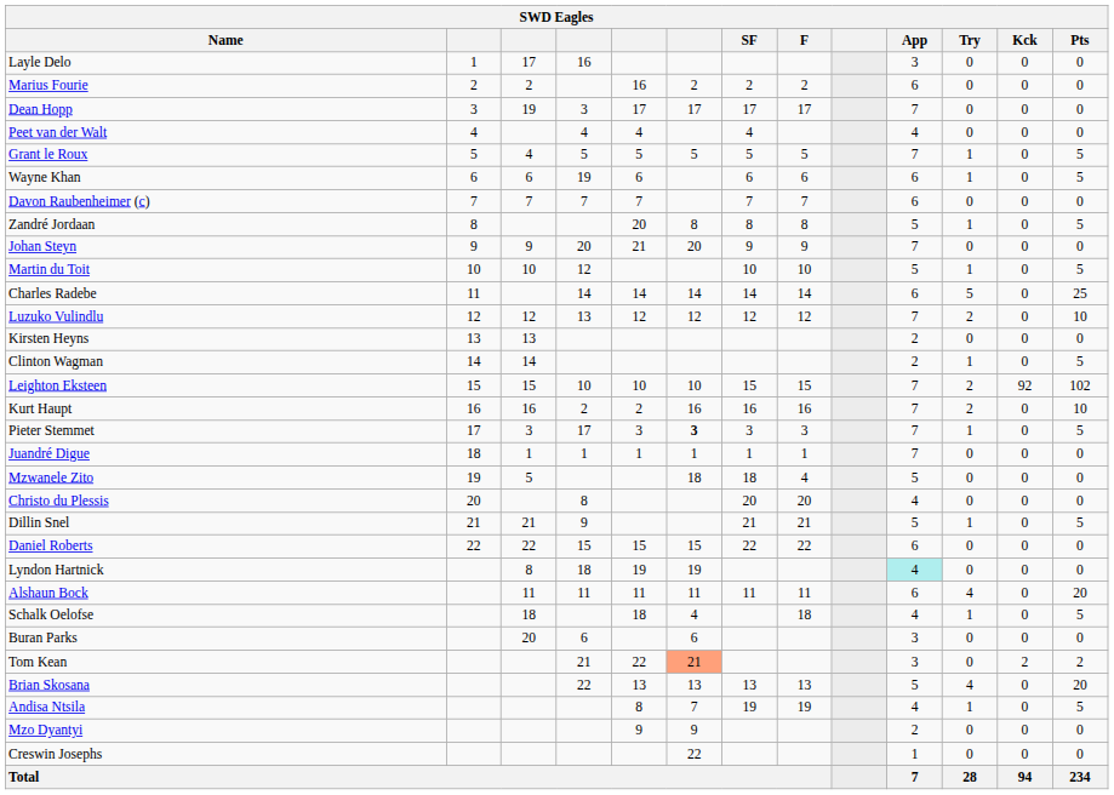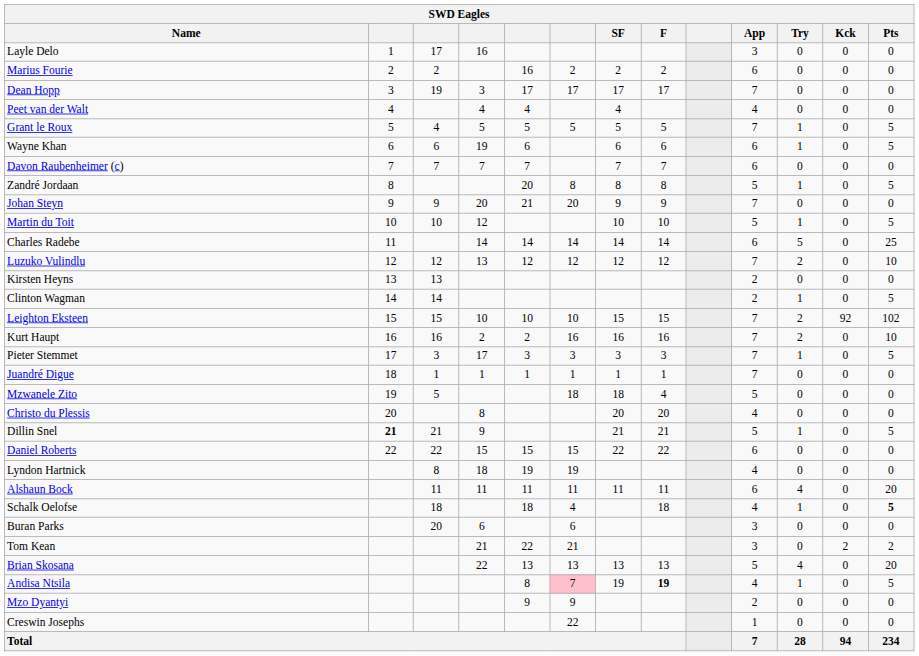 <table class="wikitable collapsible collapsed sortable" style="text-align:center; font-size:90%; width:90%">
 <tr>
 <th colspan="100%">SWD Eagles</th>
 </tr>
 <tr>
 <th style="width:40%;">Name</th>
 <th style="width:5%;"></th>
 <th style="width:5%;"></th>
 <th style="width:5%;"></th>
 <th style="width:5%;"></th>
 <th style="width:5%;"></th>
 <th style="width:5%;">SF</th>
 <th style="width:5%;">F</th>
 <th style="width:5%;"></th>
 <th style="width:5%;">App</th>
 <th style="width:5%;">Try</th>
 <th style="width:5%;">Kck</th>
 <th style="width:5%;">Pts</th>
 </tr>
 <tr>
 <td style="text-align:left;">Layle Delo</td>
 <td>1</td>
 <td>17 </td>
 <td>16 </td>
 <td></td>
 <td></td>
 <td></td>
 <td></td>
 <td style="background:#ECECEC;"></td>
 <td>3</td>
 <td>0</td>
 <td>0</td>
 <td>0</td>
 </tr>
 <tr>
 <td style="text-align:left;"><a href='#'>Marius Fourie</a></td>
 <td>2</td>
 <td>2</td>
 <td></td>
 <td>16 </td>
 <td>2</td>
 <td>2</td>
 <td>2</td>
 <td style="background:#ECECEC;"></td>
 <td>6</td>
 <td>0</td>
 <td>0</td>
 <td>0</td>
 </tr>
 <tr>
 <td style="text-align:left;"><a href='#'>Dean Hopp</a></td>
 <td>3</td>
 <td>19 </td>
 <td>3</td>
 <td>17 </td>
 <td>17 </td>
 <td>17 </td>
 <td>17 </td>
 <td style="background:#ECECEC;"></td>
 <td>7</td>
 <td>0</td>
 <td>0</td>
 <td>0</td>
 </tr>
 <tr>
 <td style="text-align:left;"><a href='#'>Peet van der Walt</a></td>
 <td>4</td>
 <td></td>
 <td>4</td>
 <td>4</td>
 <td></td>
 <td>4</td>
 <td></td>
 <td style="background:#ECECEC;"></td>
 <td>4</td>
 <td>0</td>
 <td>0</td>
 <td>0</td>
 </tr>
 <tr>
 <td style="text-align:left;"><a href='#'>Grant le Roux</a></td>
 <td>5</td>
 <td>4</td>
 <td>5</td>
 <td>5</td>
 <td>5</td>
 <td>5</td>
 <td>5</td>
 <td style="background:#ECECEC;"></td>
 <td>7</td>
 <td>1</td>
 <td>0</td>
 <td>5</td>
 </tr>
 <tr>
 <td style="text-align:left;">Wayne Khan</td>
 <td>6</td>
 <td>6</td>
 <td>19 </td>
 <td>6</td>
 <td></td>
 <td>6</td>
 <td>6</td>
 <td style="background:#ECECEC;"></td>
 <td>6</td>
 <td>1</td>
 <td>0</td>
 <td>5</td>
 </tr>
 <tr>
 <td style="text-align:left;"><a href='#'>Davon Raubenheimer</a> (<a href='#'>c</a>)</td>
 <td>7</td>
 <td>7</td>
 <td>7</td>
 <td>7</td>
 <td></td>
 <td>7</td>
 <td>7</td>
 <td style="background:#ECECEC;"></td>
 <td>6</td>
 <td>0</td>
 <td>0</td>
 <td>0</td>
 </tr>
 <tr>
 <td style="text-align:left;">Zandré Jordaan</td>
 <td>8</td>
 <td></td>
 <td></td>
 <td>20 </td>
 <td>8</td>
 <td>8</td>
 <td>8</td>
 <td style="background:#ECECEC;"></td>
 <td>5</td>
 <td>1</td>
 <td>0</td>
 <td>5</td>
 </tr>
 <tr>
 <td style="text-align:left;"><a href='#'>Johan Steyn</a></td>
 <td>9</td>
 <td>9</td>
 <td>20 </td>
 <td>21 </td>
 <td>20 </td>
 <td>9</td>
 <td>9</td>
 <td style="background:#ECECEC;"></td>
 <td>7</td>
 <td>0</td>
 <td>0</td>
 <td>0</td>
 </tr>
 <tr>
 <td style="text-align:left;"><a href='#'>Martin du Toit</a></td>
 <td>10</td>
 <td>10</td>
 <td>12</td>
 <td></td>
 <td></td>
 <td>10</td>
 <td>10</td>
 <td style="background:#ECECEC;"></td>
 <td>5</td>
 <td>1</td>
 <td>0</td>
 <td>5</td>
 </tr>
 <tr>
 <td style="text-align:left;">Charles Radebe</td>
 <td>11</td>
 <td></td>
 <td>14</td>
 <td>14</td>
 <td>14</td>
 <td>14</td>
 <td>14</td>
 <td style="background:#ECECEC;"></td>
 <td>6</td>
 <td>5</td>
 <td>0</td>
 <td>25</td>
 </tr>
 <tr>
 <td style="text-align:left;"><a href='#'>Luzuko Vulindlu</a></td>
 <td>12</td>
 <td>12</td>
 <td>13</td>
 <td>12</td>
 <td>12</td>
 <td>12</td>
 <td>12</td>
 <td style="background:#ECECEC;"></td>
 <td>7</td>
 <td>2</td>
 <td>0</td>
 <td>10</td>
 </tr>
 <tr>
 <td style="text-align:left;">Kirsten Heyns</td>
 <td>13</td>
 <td>13</td>
 <td></td>
 <td></td>
 <td></td>
 <td></td>
 <td></td>
 <td style="background:#ECECEC;"></td>
 <td>2</td>
 <td>0</td>
 <td>0</td>
 <td>0</td>
 </tr>
 <tr>
 <td style="text-align:left;">Clinton Wagman</td>
 <td>14</td>
 <td>14</td>
 <td></td>
 <td></td>
 <td></td>
 <td></td>
 <td></td>
 <td style="background:#ECECEC;"></td>
 <td>2</td>
 <td>1</td>
 <td>0</td>
 <td>5</td>
 </tr>
 <tr>
 <td style="text-align:left;"><a href='#'>Leighton Eksteen</a></td>
 <td>15</td>
 <td>15</td>
 <td>10</td>
 <td>10</td>
 <td>10</td>
 <td>15</td>
 <td>15</td>
 <td style="background:#ECECEC;"></td>
 <td>7</td>
 <td>2</td>
 <td>92</td>
 <td>102</td>
 </tr>
 <tr>
 <td style="text-align:left;">Kurt Haupt</td>
 <td>16 </td>
 <td>16 </td>
 <td>2</td>
 <td>2</td>
 <td>16 </td>
 <td>16 </td>
 <td>16 </td>
 <td style="background:#ECECEC;"></td>
 <td>7</td>
 <td>2</td>
 <td>0</td>
 <td>10</td>
 </tr>
 <tr>
 <td style="text-align:left;">Pieter Stemmet</td>
 <td>17 </td>
 <td>3</td>
 <td>17 </td>
 <td>3</td>
-<td><strong>3</strong></td>
+<td>3</td>
 <td>3</td>
 <td>3</td>
 <td style="background:#ECECEC;"></td>
 <td>7</td>
 <td>1</td>
 <td>0</td>
 <td>5</td>
 </tr>
 <tr>
 <td style="text-align:left;"><a href='#'>Juandré Digue</a></td>
 <td>18 </td>
 <td>1</td>
 <td>1</td>
 <td>1</td>
 <td>1</td>
 <td>1</td>
 <td>1</td>
 <td style="background:#ECECEC;"></td>
 <td>7</td>
 <td>0</td>
 <td>0</td>
 <td>0</td>
 </tr>
 <tr>
 <td style="text-align:left;"><a href='#'>Mzwanele Zito</a></td>
 <td>19 </td>
 <td>5</td>
 <td></td>
 <td></td>
 <td>18 </td>
 <td>18 </td>
 <td>4</td>
 <td style="background:#ECECEC;"></td>
 <td>5</td>
 <td>0</td>
 <td>0</td>
 <td>0</td>
 </tr>
 <tr>
 <td style="text-align:left;"><a href='#'>Christo du Plessis</a></td>
 <td>20 </td>
 <td></td>
 <td>8</td>
 <td></td>
 <td></td>
 <td>20 </td>
 <td>20 </td>
 <td style="background:#ECECEC;"></td>
 <td>4</td>
 <td>0</td>
 <td>0</td>
 <td>0</td>
 </tr>
 <tr>
 <td style="text-align:left;">Dillin Snel</td>
-<td>21 </td>
+<td><strong>21 </strong></td>
 <td>21 </td>
 <td>9</td>
 <td></td>
 <td></td>
 <td>21 </td>
 <td>21 </td>
 <td style="background:#ECECEC;"></td>
 <td>5</td>
 <td>1</td>
 <td>0</td>
 <td>5</td>
 </tr>
 <tr>
 <td style="text-align:left;"><a href='#'>Daniel Roberts</a></td>
 <td>22 </td>
 <td>22 </td>
 <td>15</td>
 <td>15</td>
 <td>15</td>
 <td>22 </td>
 <td>22</td>
 <td style="background:#ECECEC;"></td>
 <td>6</td>
 <td>0</td>
 <td>0</td>
 <td>0</td>
 </tr>
 <tr>
 <td style="text-align:left;">Lyndon Hartnick</td>
 <td></td>
 <td>8</td>
 <td>18 </td>
 <td>19 </td>
 <td>19 </td>
 <td></td>
 <td></td>
 <td style="background:#ECECEC;"></td>
-<td style="background: paleturquoise;">4</td>
+<td>4</td>
 <td>0</td>
 <td>0</td>
 <td>0</td>
 </tr>
 <tr>
 <td style="text-align:left;"><a href='#'>Alshaun Bock</a></td>
 <td></td>
 <td>11</td>
 <td>11</td>
 <td>11</td>
 <td>11</td>
 <td>11</td>
 <td>11</td>
 <td style="background:#ECECEC;"></td>
 <td>6</td>
 <td>4</td>
 <td>0</td>
 <td>20</td>
 </tr>
 <tr>
 <td style="text-align:left;">Schalk Oelofse</td>
 <td></td>
 <td>18 </td>
 <td></td>
 <td>18 </td>
 <td>4</td>
 <td></td>
 <td>18 </td>
 <td style="background:#ECECEC;"></td>
 <td>4</td>
 <td>1</td>
 <td>0</td>
-<td>5</td>
+<td><strong>5</strong></td>
 </tr>
 <tr>
 <td style="text-align:left;">Buran Parks</td>
 <td></td>
 <td>20 </td>
 <td>6</td>
 <td></td>
 <td>6</td>
 <td></td>
 <td></td>
 <td style="background:#ECECEC;"></td>
 <td>3</td>
 <td>0</td>
 <td>0</td>
 <td>0</td>
 </tr>
 <tr>
 <td style="text-align:left;">Tom Kean</td>
 <td></td>
 <td></td>
 <td>21 </td>
 <td>22 </td>
-<td style="background: lightsalmon;">21 </td>
+<td>21 </td>
 <td></td>
 <td></td>
 <td style="background:#ECECEC;"></td>
 <td>3</td>
 <td>0</td>
 <td>2</td>
 <td>2</td>
 </tr>
 <tr>
 <td style="text-align:left;"><a href='#'>Brian Skosana</a></td>
 <td></td>
 <td></td>
 <td>22 </td>
 <td>13</td>
 <td>13</td>
 <td>13</td>
 <td>13</td>
 <td style="background:#ECECEC;"></td>
 <td>5</td>
 <td>4</td>
 <td>0</td>
 <td>20</td>
 </tr>
 <tr>
 <td style="text-align:left;"><a href='#'>Andisa Ntsila</a></td>
 <td></td>
 <td></td>
 <td></td>
 <td>8</td>
-<td>7</td>
+<td style="background: pink;">7</td>
 <td>19 </td>
-<td>19 </td>
+<td><strong>19 </strong></td>
 <td style="background:#ECECEC;"></td>
 <td>4</td>
 <td>1</td>
 <td>0</td>
 <td>5</td>
 </tr>
 <tr>
 <td style="text-align:left;"><a href='#'>Mzo Dyantyi</a></td>
 <td></td>
 <td></td>
 <td></td>
 <td>9</td>
 <td>9</td>
 <td></td>
 <td></td>
 <td style="background:#ECECEC;"></td>
 <td>2</td>
 <td>0</td>
 <td>0</td>
 <td>0</td>
 </tr>
 <tr>
 <td style="text-align:left;">Creswin Josephs</td>
 <td></td>
 <td></td>
 <td></td>
 <td></td>
 <td>22 </td>
 <td></td>
 <td></td>
 <td style="background:#ECECEC;"></td>
 <td>1</td>
 <td>0</td>
 <td>0</td>
 <td>0</td>
 </tr>
 <tr>
 <th colspan="8" style="text-align:left;">Total</th>
 <th style="background:#ECECEC;"></th>
 <th>7</th>
 <th>28</th>
 <th>94</th>
 <th>234</th>
 </tr>
 </table>
